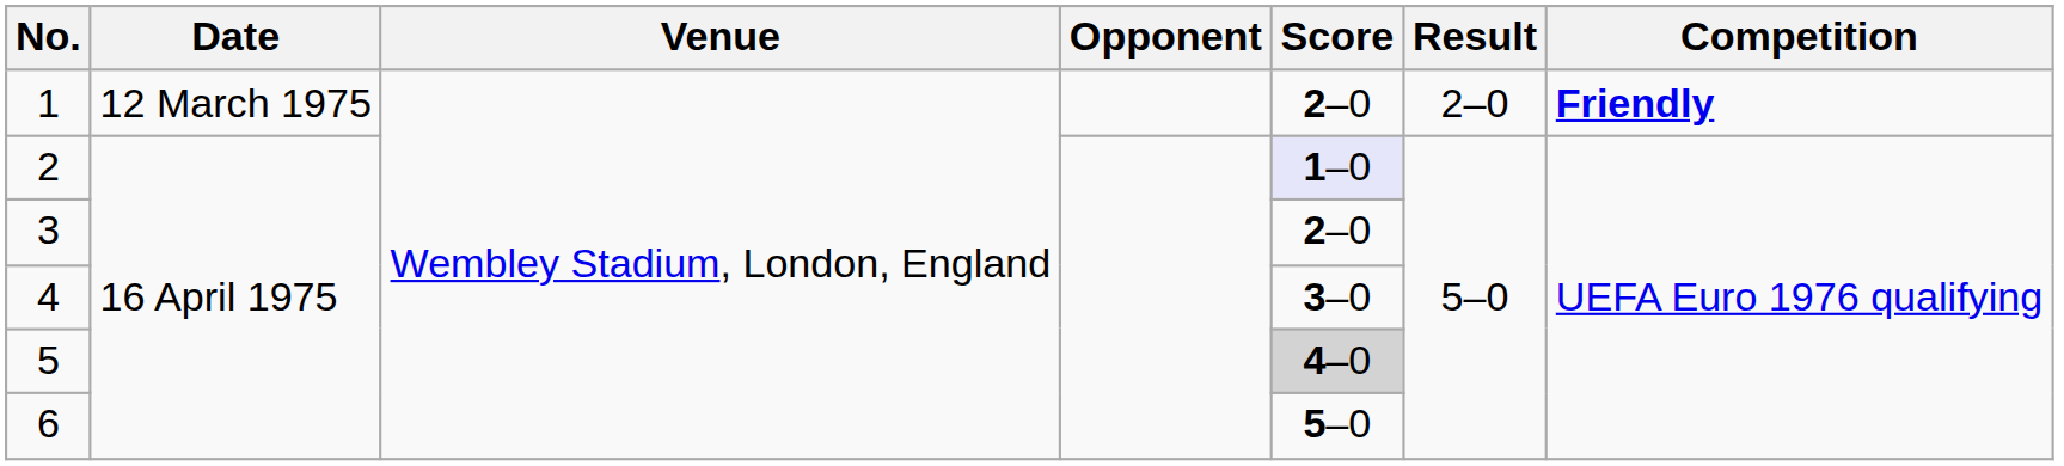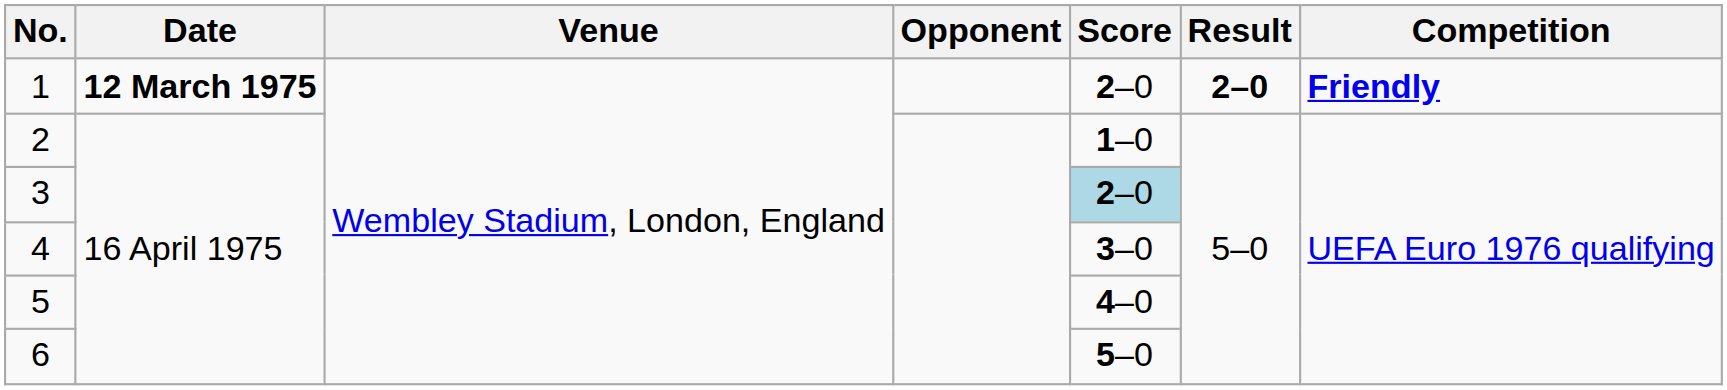 <table class="wikitable sortable">
 <tr>
 <th scope="col">No.</th>
 <th scope="col">Date</th>
 <th scope="col">Venue</th>
 <th scope="col">Opponent</th>
 <th scope="col">Score</th>
 <th scope="col">Result</th>
 <th scope="col">Competition</th>
 </tr>
 <tr>
 <td align="center">1</td>
-<td>12 March 1975</td>
+<td><strong>12 March 1975</strong></td>
 <td rowspan="6"><a href='#'>Wembley Stadium</a>, London, England</td>
 <td></td>
 <td align="center"><strong>2</strong>–0</td>
-<td align="center">2–0</td>
+<td align="center"><strong>2–0</strong></td>
 <td><strong><a href='#'>Friendly</a></strong></td>
 </tr>
 <tr>
 <td align="center">2</td>
 <td rowspan="5">16 April 1975</td>
 <td rowspan="5"></td>
-<td align="center" style="background: lavender;"><strong>1</strong>–0</td>
+<td align="center"><strong>1</strong>–0</td>
 <td rowspan="5" style="text-align:center">5–0</td>
 <td rowspan="5"><a href='#'>UEFA Euro 1976 qualifying</a></td>
 </tr>
 <tr>
 <td align="center">3</td>
-<td align="center"><strong>2</strong>–0</td>
+<td align="center" style="background: lightblue;"><strong>2</strong>–0</td>
 </tr>
 <tr>
 <td align="center">4</td>
 <td align="center"><strong>3</strong>–0</td>
 </tr>
 <tr>
 <td align="center">5</td>
-<td align="center" style="background: lightgrey;"><strong>4</strong>–0</td>
+<td align="center"><strong>4</strong>–0</td>
 </tr>
 <tr>
 <td align="center">6</td>
 <td align="center"><strong>5</strong>–0</td>
 </tr>
 </table>
